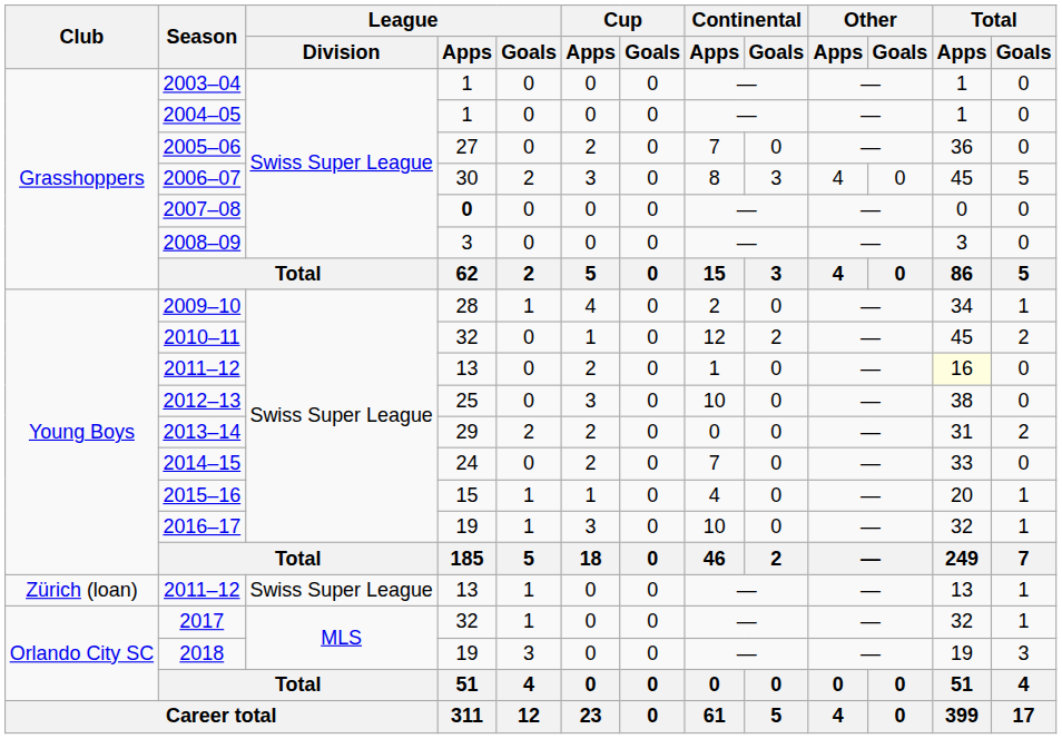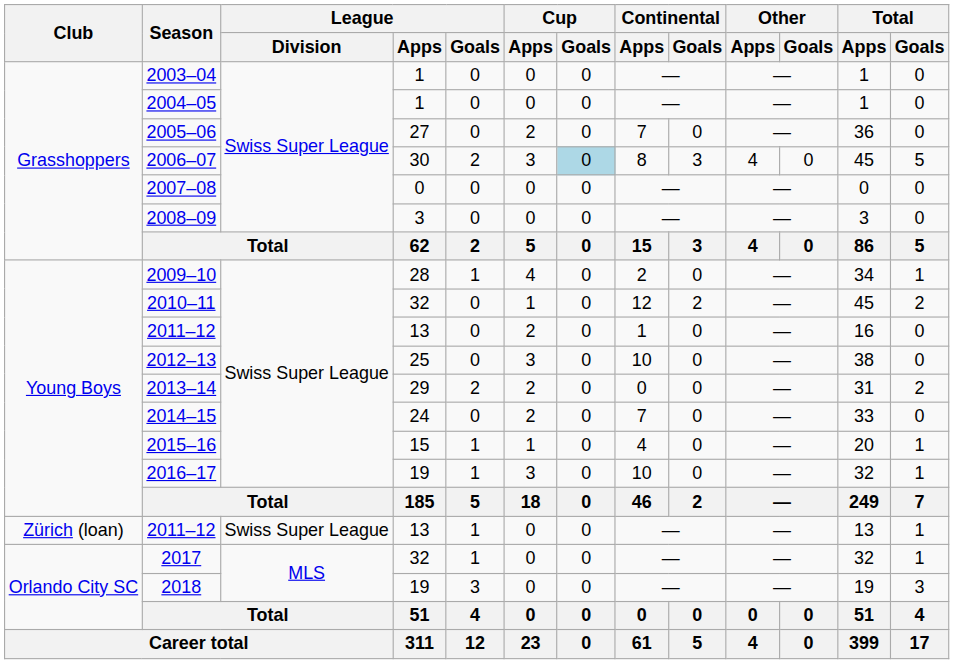 <table class="wikitable" style="text-align:center">
 <tr>
 <th rowspan="2">Club</th>
 <th rowspan="2">Season</th>
 <th colspan="3">League</th>
 <th colspan="2">Cup</th>
 <th colspan="2">Continental</th>
 <th colspan="2">Other</th>
 <th colspan="2">Total</th>
 </tr>
 <tr>
 <th>Division</th>
 <th>Apps</th>
 <th>Goals</th>
 <th>Apps</th>
 <th>Goals</th>
 <th>Apps</th>
 <th>Goals</th>
 <th>Apps</th>
 <th>Goals</th>
 <th>Apps</th>
 <th>Goals</th>
 </tr>
 <tr>
 <td rowspan="7"><a href='#'>Grasshoppers</a></td>
 <td><a href='#'>2003–04</a></td>
 <td rowspan="6"><a href='#'>Swiss Super League</a></td>
 <td>1</td>
 <td>0</td>
 <td>0</td>
 <td>0</td>
 <td colspan="2">—</td>
 <td colspan="2">—</td>
 <td>1</td>
 <td>0</td>
 </tr>
 <tr>
 <td><a href='#'>2004–05</a></td>
 <td>1</td>
 <td>0</td>
 <td>0</td>
 <td>0</td>
 <td colspan="2">—</td>
 <td colspan="2">—</td>
 <td>1</td>
 <td>0</td>
 </tr>
 <tr>
 <td><a href='#'>2005–06</a></td>
 <td>27</td>
 <td>0</td>
 <td>2</td>
 <td>0</td>
 <td>7</td>
 <td>0</td>
 <td colspan="2">—</td>
 <td>36</td>
 <td>0</td>
 </tr>
 <tr>
 <td><a href='#'>2006–07</a></td>
 <td>30</td>
 <td>2</td>
 <td>3</td>
-<td>0</td>
+<td style="background: lightblue;">0</td>
 <td>8</td>
 <td>3</td>
 <td>4</td>
 <td>0</td>
 <td>45</td>
 <td>5</td>
 </tr>
 <tr>
 <td><a href='#'>2007–08</a></td>
-<td><strong>0</strong></td>
+<td>0</td>
 <td>0</td>
 <td>0</td>
 <td>0</td>
 <td colspan="2">—</td>
 <td colspan="2">—</td>
 <td>0</td>
 <td>0</td>
 </tr>
 <tr>
 <td><a href='#'>2008–09</a></td>
 <td>3</td>
 <td>0</td>
 <td>0</td>
 <td>0</td>
 <td colspan="2">—</td>
 <td colspan="2">—</td>
 <td>3</td>
 <td>0</td>
 </tr>
 <tr>
 <th colspan="2">Total</th>
 <th>62</th>
 <th>2</th>
 <th>5</th>
 <th>0</th>
 <th>15</th>
 <th>3</th>
 <th>4</th>
 <th>0</th>
 <th>86</th>
 <th>5</th>
 </tr>
 <tr>
 <td rowspan="9"><a href='#'>Young Boys</a></td>
 <td><a href='#'>2009–10</a></td>
 <td rowspan="8">Swiss Super League</td>
 <td>28</td>
 <td>1</td>
 <td>4</td>
 <td>0</td>
 <td>2</td>
 <td>0</td>
 <td colspan="2">—</td>
 <td>34</td>
 <td>1</td>
 </tr>
 <tr>
 <td><a href='#'>2010–11</a></td>
 <td>32</td>
 <td>0</td>
 <td>1</td>
 <td>0</td>
 <td>12</td>
 <td>2</td>
 <td colspan="2">—</td>
 <td>45</td>
 <td>2</td>
 </tr>
 <tr>
 <td valign="centre"><a href='#'>2011–12</a></td>
 <td>13</td>
 <td>0</td>
 <td>2</td>
 <td>0</td>
 <td>1</td>
 <td>0</td>
 <td colspan="2">—</td>
-<td style="background: lightyellow;">16</td>
+<td>16</td>
 <td>0</td>
 </tr>
 <tr>
 <td><a href='#'>2012–13</a></td>
 <td>25</td>
 <td>0</td>
 <td>3</td>
 <td>0</td>
 <td>10</td>
 <td>0</td>
 <td colspan="2">—</td>
 <td>38</td>
 <td>0</td>
 </tr>
 <tr>
 <td><a href='#'>2013–14</a></td>
 <td>29</td>
 <td>2</td>
 <td>2</td>
 <td>0</td>
 <td>0</td>
 <td>0</td>
 <td colspan="2">—</td>
 <td>31</td>
 <td>2</td>
 </tr>
 <tr>
 <td><a href='#'>2014–15</a></td>
 <td>24</td>
 <td>0</td>
 <td>2</td>
 <td>0</td>
 <td>7</td>
 <td>0</td>
 <td colspan="2">—</td>
 <td>33</td>
 <td>0</td>
 </tr>
 <tr>
 <td><a href='#'>2015–16</a></td>
 <td>15</td>
 <td>1</td>
 <td>1</td>
 <td>0</td>
 <td>4</td>
 <td>0</td>
 <td colspan="2">—</td>
 <td>20</td>
 <td>1</td>
 </tr>
 <tr>
 <td><a href='#'>2016–17</a></td>
 <td>19</td>
 <td>1</td>
 <td>3</td>
 <td>0</td>
 <td>10</td>
 <td>0</td>
 <td colspan="2">—</td>
 <td>32</td>
 <td>1</td>
 </tr>
 <tr>
 <th colspan="2">Total</th>
 <th>185</th>
 <th>5</th>
 <th>18</th>
 <th>0</th>
 <th>46</th>
 <th>2</th>
 <th colspan="2">—</th>
 <th>249</th>
 <th>7</th>
 </tr>
 <tr>
 <td><a href='#'>Zürich</a> (loan)</td>
 <td><a href='#'>2011–12</a></td>
 <td>Swiss Super League</td>
 <td>13</td>
 <td>1</td>
 <td>0</td>
 <td>0</td>
 <td colspan="2">—</td>
 <td colspan="2">—</td>
 <td>13</td>
 <td>1</td>
 </tr>
 <tr>
 <td rowspan="3"><a href='#'>Orlando City SC</a></td>
 <td><a href='#'>2017</a></td>
 <td rowspan="2"><a href='#'>MLS</a></td>
 <td>32</td>
 <td>1</td>
 <td>0</td>
 <td>0</td>
 <td colspan="2">—</td>
 <td colspan="2">—</td>
 <td>32</td>
 <td>1</td>
 </tr>
 <tr>
 <td><a href='#'>2018</a></td>
 <td>19</td>
 <td>3</td>
 <td>0</td>
 <td>0</td>
 <td colspan="2">—</td>
 <td colspan="2">—</td>
 <td>19</td>
 <td>3</td>
 </tr>
 <tr>
 <th colspan="2">Total</th>
 <th>51</th>
 <th>4</th>
 <th>0</th>
 <th>0</th>
 <th>0</th>
 <th>0</th>
 <th>0</th>
 <th>0</th>
 <th>51</th>
 <th>4</th>
 </tr>
 <tr>
 <th colspan="3">Career total</th>
 <th>311</th>
 <th>12</th>
 <th>23</th>
 <th>0</th>
 <th>61</th>
 <th>5</th>
 <th>4</th>
 <th>0</th>
 <th>399</th>
 <th>17</th>
 </tr>
 </table>
